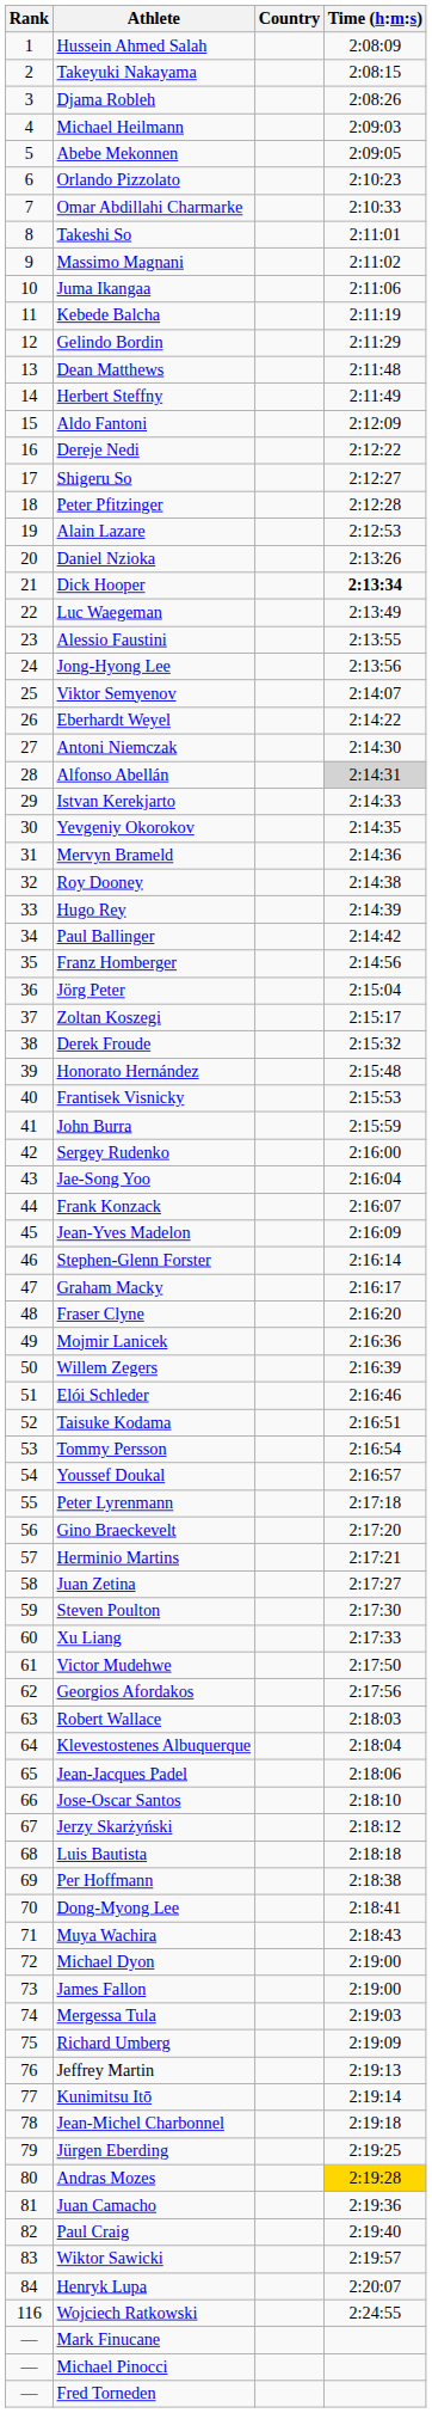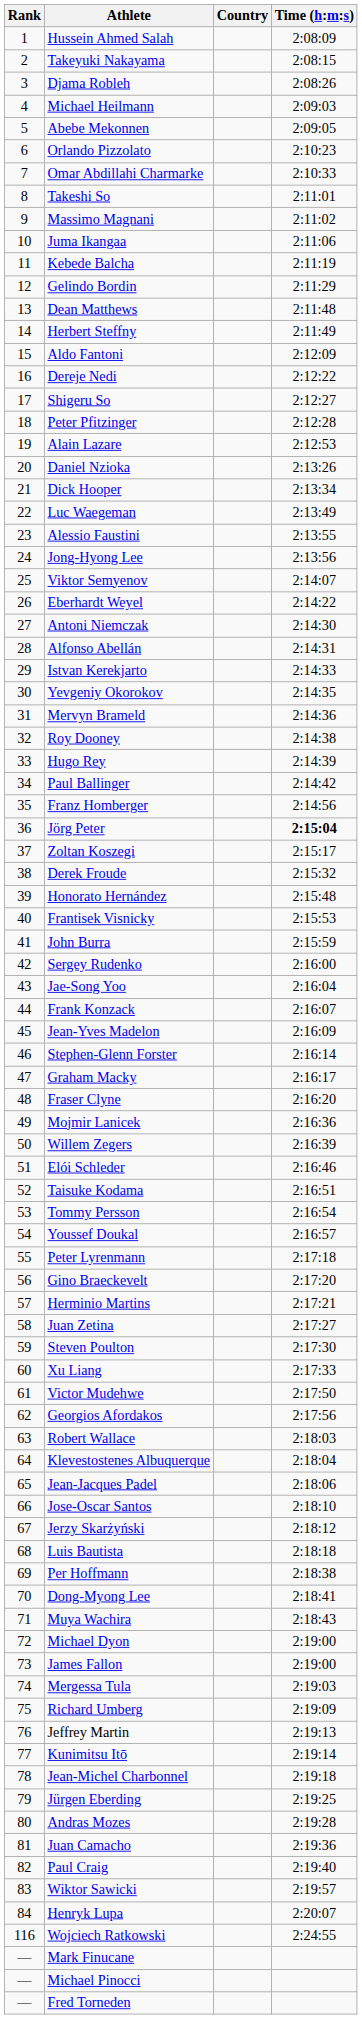 <table class="wikitable sortable" style="text-align:center;">
 <tr>
 <th>Rank</th>
 <th>Athlete</th>
 <th>Country</th>
 <th>Time (<a href='#'>h</a>:<a href='#'>m</a>:<a href='#'>s</a>)</th>
 </tr>
 <tr>
 <td>1</td>
 <td align=left><a href='#'>Hussein Ahmed Salah</a></td>
 <td align=left></td>
 <td>2:08:09</td>
 </tr>
 <tr>
 <td>2</td>
 <td align=left><a href='#'>Takeyuki Nakayama</a></td>
 <td align=left></td>
 <td>2:08:15</td>
 </tr>
 <tr>
 <td>3</td>
 <td align=left><a href='#'>Djama Robleh</a></td>
 <td align=left></td>
 <td>2:08:26</td>
 </tr>
 <tr>
 <td>4</td>
 <td align=left><a href='#'>Michael Heilmann</a></td>
 <td align=left></td>
 <td>2:09:03</td>
 </tr>
 <tr>
 <td>5</td>
 <td align=left><a href='#'>Abebe Mekonnen</a></td>
 <td align=left></td>
 <td>2:09:05</td>
 </tr>
 <tr>
 <td>6</td>
 <td align=left><a href='#'>Orlando Pizzolato</a></td>
 <td align=left></td>
 <td>2:10:23</td>
 </tr>
 <tr>
 <td>7</td>
 <td align=left><a href='#'>Omar Abdillahi Charmarke</a></td>
 <td align=left></td>
 <td>2:10:33</td>
 </tr>
 <tr>
 <td>8</td>
 <td align=left><a href='#'>Takeshi So</a></td>
 <td align=left></td>
 <td>2:11:01</td>
 </tr>
 <tr>
 <td>9</td>
 <td align=left><a href='#'>Massimo Magnani</a></td>
 <td align=left></td>
 <td>2:11:02</td>
 </tr>
 <tr>
 <td>10</td>
 <td align=left><a href='#'>Juma Ikangaa</a></td>
 <td align=left></td>
 <td>2:11:06</td>
 </tr>
 <tr>
 <td>11</td>
 <td align=left><a href='#'>Kebede Balcha</a></td>
 <td align=left></td>
 <td>2:11:19</td>
 </tr>
 <tr>
 <td>12</td>
 <td align=left><a href='#'>Gelindo Bordin</a></td>
 <td align=left></td>
 <td>2:11:29</td>
 </tr>
 <tr>
 <td>13</td>
 <td align=left><a href='#'>Dean Matthews</a></td>
 <td align=left></td>
 <td>2:11:48</td>
 </tr>
 <tr>
 <td>14</td>
 <td align=left><a href='#'>Herbert Steffny</a></td>
 <td align=left></td>
 <td>2:11:49</td>
 </tr>
 <tr>
 <td>15</td>
 <td align=left><a href='#'>Aldo Fantoni</a></td>
 <td align=left></td>
 <td>2:12:09</td>
 </tr>
 <tr>
 <td>16</td>
 <td align=left><a href='#'>Dereje Nedi</a></td>
 <td align=left></td>
 <td>2:12:22</td>
 </tr>
 <tr>
 <td>17</td>
 <td align=left><a href='#'>Shigeru So</a></td>
 <td align=left></td>
 <td>2:12:27</td>
 </tr>
 <tr>
 <td>18</td>
 <td align=left><a href='#'>Peter Pfitzinger</a></td>
 <td align=left></td>
 <td>2:12:28</td>
 </tr>
 <tr>
 <td>19</td>
 <td align=left><a href='#'>Alain Lazare</a></td>
 <td align=left></td>
 <td>2:12:53</td>
 </tr>
 <tr>
 <td>20</td>
 <td align=left><a href='#'>Daniel Nzioka</a></td>
 <td align=left></td>
 <td>2:13:26</td>
 </tr>
 <tr>
 <td>21</td>
 <td align=left><a href='#'>Dick Hooper</a></td>
 <td align=left></td>
-<td><strong>2:13:34</strong></td>
+<td>2:13:34</td>
 </tr>
 <tr>
 <td>22</td>
 <td align=left><a href='#'>Luc Waegeman</a></td>
 <td align=left></td>
 <td>2:13:49</td>
 </tr>
 <tr>
 <td>23</td>
 <td align=left><a href='#'>Alessio Faustini</a></td>
 <td align=left></td>
 <td>2:13:55</td>
 </tr>
 <tr>
 <td>24</td>
 <td align=left><a href='#'>Jong-Hyong Lee</a></td>
 <td align=left></td>
 <td>2:13:56</td>
 </tr>
 <tr>
 <td>25</td>
 <td align=left><a href='#'>Viktor Semyenov</a></td>
 <td align=left></td>
 <td>2:14:07</td>
 </tr>
 <tr>
 <td>26</td>
 <td align=left><a href='#'>Eberhardt Weyel</a></td>
 <td align=left></td>
 <td>2:14:22</td>
 </tr>
 <tr>
 <td>27</td>
 <td align=left><a href='#'>Antoni Niemczak</a></td>
 <td align=left></td>
 <td>2:14:30</td>
 </tr>
 <tr>
 <td>28</td>
 <td align=left><a href='#'>Alfonso Abellán</a></td>
 <td align=left></td>
-<td style="background: lightgrey;">2:14:31</td>
+<td>2:14:31</td>
 </tr>
 <tr>
 <td>29</td>
 <td align=left><a href='#'>Istvan Kerekjarto</a></td>
 <td align=left></td>
 <td>2:14:33</td>
 </tr>
 <tr>
 <td>30</td>
 <td align=left><a href='#'>Yevgeniy Okorokov</a></td>
 <td align=left></td>
 <td>2:14:35</td>
 </tr>
 <tr>
 <td>31</td>
 <td align=left><a href='#'>Mervyn Brameld</a></td>
 <td align=left></td>
 <td>2:14:36</td>
 </tr>
 <tr>
 <td>32</td>
 <td align=left><a href='#'>Roy Dooney</a></td>
 <td align=left></td>
 <td>2:14:38</td>
 </tr>
 <tr>
 <td>33</td>
 <td align=left><a href='#'>Hugo Rey</a></td>
 <td align=left></td>
 <td>2:14:39</td>
 </tr>
 <tr>
 <td>34</td>
 <td align=left><a href='#'>Paul Ballinger</a></td>
 <td align=left></td>
 <td>2:14:42</td>
 </tr>
 <tr>
 <td>35</td>
 <td align=left><a href='#'>Franz Homberger</a></td>
 <td align=left></td>
 <td>2:14:56</td>
 </tr>
 <tr>
 <td>36</td>
 <td align=left><a href='#'>Jörg Peter</a></td>
 <td align=left></td>
-<td>2:15:04</td>
+<td><strong>2:15:04</strong></td>
 </tr>
 <tr>
 <td>37</td>
 <td align=left><a href='#'>Zoltan Koszegi</a></td>
 <td align=left></td>
 <td>2:15:17</td>
 </tr>
 <tr>
 <td>38</td>
 <td align=left><a href='#'>Derek Froude</a></td>
 <td align=left></td>
 <td>2:15:32</td>
 </tr>
 <tr>
 <td>39</td>
 <td align=left><a href='#'>Honorato Hernández</a></td>
 <td align=left></td>
 <td>2:15:48</td>
 </tr>
 <tr>
 <td>40</td>
 <td align=left><a href='#'>Frantisek Visnicky</a></td>
 <td align=left></td>
 <td>2:15:53</td>
 </tr>
 <tr>
 <td>41</td>
 <td align=left><a href='#'>John Burra</a></td>
 <td align=left></td>
 <td>2:15:59</td>
 </tr>
 <tr>
 <td>42</td>
 <td align=left><a href='#'>Sergey Rudenko</a></td>
 <td align=left></td>
 <td>2:16:00</td>
 </tr>
 <tr>
 <td>43</td>
 <td align=left><a href='#'>Jae-Song Yoo</a></td>
 <td align=left></td>
 <td>2:16:04</td>
 </tr>
 <tr>
 <td>44</td>
 <td align=left><a href='#'>Frank Konzack</a></td>
 <td align=left></td>
 <td>2:16:07</td>
 </tr>
 <tr>
 <td>45</td>
 <td align=left><a href='#'>Jean-Yves Madelon</a></td>
 <td align=left></td>
 <td>2:16:09</td>
 </tr>
 <tr>
 <td>46</td>
 <td align=left><a href='#'>Stephen-Glenn Forster</a></td>
 <td align=left></td>
 <td>2:16:14</td>
 </tr>
 <tr>
 <td>47</td>
 <td align=left><a href='#'>Graham Macky</a></td>
 <td align=left></td>
 <td>2:16:17</td>
 </tr>
 <tr>
 <td>48</td>
 <td align=left><a href='#'>Fraser Clyne</a></td>
 <td align=left></td>
 <td>2:16:20</td>
 </tr>
 <tr>
 <td>49</td>
 <td align=left><a href='#'>Mojmir Lanicek</a></td>
 <td align=left></td>
 <td>2:16:36</td>
 </tr>
 <tr>
 <td>50</td>
 <td align=left><a href='#'>Willem Zegers</a></td>
 <td align=left></td>
 <td>2:16:39</td>
 </tr>
 <tr>
 <td>51</td>
 <td align=left><a href='#'>Elói Schleder</a></td>
 <td align=left></td>
 <td>2:16:46</td>
 </tr>
 <tr>
 <td>52</td>
 <td align=left><a href='#'>Taisuke Kodama</a></td>
 <td align=left></td>
 <td>2:16:51</td>
 </tr>
 <tr>
 <td>53</td>
 <td align=left><a href='#'>Tommy Persson</a></td>
 <td align=left></td>
 <td>2:16:54</td>
 </tr>
 <tr>
 <td>54</td>
 <td align=left><a href='#'>Youssef Doukal</a></td>
 <td align=left></td>
 <td>2:16:57</td>
 </tr>
 <tr>
 <td>55</td>
 <td align=left><a href='#'>Peter Lyrenmann</a></td>
 <td align=left></td>
 <td>2:17:18</td>
 </tr>
 <tr>
 <td>56</td>
 <td align=left><a href='#'>Gino Braeckevelt</a></td>
 <td align=left></td>
 <td>2:17:20</td>
 </tr>
 <tr>
 <td>57</td>
 <td align=left><a href='#'>Herminio Martins</a></td>
 <td align=left></td>
 <td>2:17:21</td>
 </tr>
 <tr>
 <td>58</td>
 <td align=left><a href='#'>Juan Zetina</a></td>
 <td align=left></td>
 <td>2:17:27</td>
 </tr>
 <tr>
 <td>59</td>
 <td align=left><a href='#'>Steven Poulton</a></td>
 <td align=left></td>
 <td>2:17:30</td>
 </tr>
 <tr>
 <td>60</td>
 <td align=left><a href='#'>Xu Liang</a></td>
 <td align=left></td>
 <td>2:17:33</td>
 </tr>
 <tr>
 <td>61</td>
 <td align=left><a href='#'>Victor Mudehwe</a></td>
 <td align=left></td>
 <td>2:17:50</td>
 </tr>
 <tr>
 <td>62</td>
 <td align=left><a href='#'>Georgios Afordakos</a></td>
 <td align=left></td>
 <td>2:17:56</td>
 </tr>
 <tr>
 <td>63</td>
 <td align=left><a href='#'>Robert Wallace</a></td>
 <td align=left></td>
 <td>2:18:03</td>
 </tr>
 <tr>
 <td>64</td>
 <td align=left><a href='#'>Klevestostenes Albuquerque</a></td>
 <td align=left></td>
 <td>2:18:04</td>
 </tr>
 <tr>
 <td>65</td>
 <td align=left><a href='#'>Jean-Jacques Padel</a></td>
 <td align=left></td>
 <td>2:18:06</td>
 </tr>
 <tr>
 <td>66</td>
 <td align=left><a href='#'>Jose-Oscar Santos</a></td>
 <td align=left></td>
 <td>2:18:10</td>
 </tr>
 <tr>
 <td>67</td>
 <td align=left><a href='#'>Jerzy Skarżyński</a></td>
 <td align=left></td>
 <td>2:18:12</td>
 </tr>
 <tr>
 <td>68</td>
 <td align=left><a href='#'>Luis Bautista</a></td>
 <td align=left></td>
 <td>2:18:18</td>
 </tr>
 <tr>
 <td>69</td>
 <td align=left><a href='#'>Per Hoffmann</a></td>
 <td align=left></td>
 <td>2:18:38</td>
 </tr>
 <tr>
 <td>70</td>
 <td align=left><a href='#'>Dong-Myong Lee</a></td>
 <td align=left></td>
 <td>2:18:41</td>
 </tr>
 <tr>
 <td>71</td>
 <td align=left><a href='#'>Muya Wachira</a></td>
 <td align=left></td>
 <td>2:18:43</td>
 </tr>
 <tr>
 <td>72</td>
 <td align=left><a href='#'>Michael Dyon</a></td>
 <td align=left></td>
 <td>2:19:00</td>
 </tr>
 <tr>
 <td>73</td>
 <td align=left><a href='#'>James Fallon</a></td>
 <td align=left></td>
 <td>2:19:00</td>
 </tr>
 <tr>
 <td>74</td>
 <td align=left><a href='#'>Mergessa Tula</a></td>
 <td align=left></td>
 <td>2:19:03</td>
 </tr>
 <tr>
 <td>75</td>
 <td align=left><a href='#'>Richard Umberg</a></td>
 <td align=left></td>
 <td>2:19:09</td>
 </tr>
 <tr>
 <td>76</td>
 <td align=left>Jeffrey Martin</td>
 <td align=left></td>
 <td>2:19:13</td>
 </tr>
 <tr>
 <td>77</td>
 <td align=left><a href='#'>Kunimitsu Itō</a></td>
 <td align=left></td>
 <td>2:19:14</td>
 </tr>
 <tr>
 <td>78</td>
 <td align=left><a href='#'>Jean-Michel Charbonnel</a></td>
 <td align=left></td>
 <td>2:19:18</td>
 </tr>
 <tr>
 <td>79</td>
 <td align=left><a href='#'>Jürgen Eberding</a></td>
 <td align=left></td>
 <td>2:19:25</td>
 </tr>
 <tr>
 <td>80</td>
 <td align=left><a href='#'>Andras Mozes</a></td>
 <td align=left></td>
-<td style="background: gold;">2:19:28</td>
+<td>2:19:28</td>
 </tr>
 <tr>
 <td>81</td>
 <td align=left><a href='#'>Juan Camacho</a></td>
 <td align=left></td>
 <td>2:19:36</td>
 </tr>
 <tr>
 <td>82</td>
 <td align=left><a href='#'>Paul Craig</a></td>
 <td align=left></td>
 <td>2:19:40</td>
 </tr>
 <tr>
 <td>83</td>
 <td align=left><a href='#'>Wiktor Sawicki</a></td>
 <td align=left></td>
 <td>2:19:57</td>
 </tr>
 <tr>
 <td>84</td>
 <td align=left><a href='#'>Henryk Lupa</a></td>
 <td align=left></td>
 <td>2:20:07</td>
 </tr>
 <tr>
 <td>116</td>
 <td align=left><a href='#'>Wojciech Ratkowski</a></td>
 <td align=left></td>
 <td>2:24:55</td>
 </tr>
 <tr>
 <td>—</td>
 <td align=left><a href='#'>Mark Finucane</a></td>
 <td align=left></td>
 <td></td>
 </tr>
 <tr>
 <td>—</td>
 <td align=left><a href='#'>Michael Pinocci</a></td>
 <td align=left></td>
 <td></td>
 </tr>
 <tr>
 <td>—</td>
 <td align=left><a href='#'>Fred Torneden</a></td>
 <td align=left></td>
 <td></td>
 </tr>
 </table>
